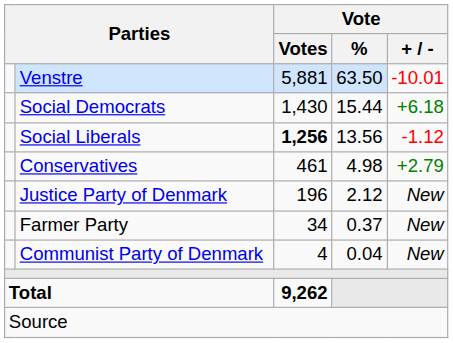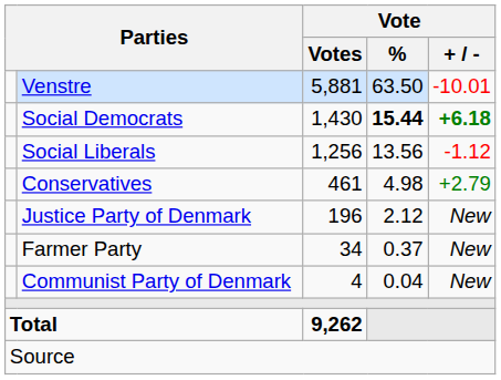 <table class="wikitable" style="text-align:right;">
 <tr>
 <th style="text-align:centre;" rowspan="2" colspan="2" width="225">Parties</th>
 <th colspan="3">Vote</th>
 </tr>
 <tr>
 <th width="15">Votes</th>
 <th width="15">%</th>
 <th width="15">+ / -</th>
 </tr>
 <tr>
 <td width="2" style="color:inherit;background:"></td>
 <td bgcolor=#cfe5fe  align="left"><a href='#'>Venstre</a></td>
 <td bgcolor=#cfe5fe>5,881</td>
 <td bgcolor=#cfe5fe>63.50</td>
 <td style=color:red;>-10.01</td>
 </tr>
 <tr>
 <td width="2" style="color:inherit;background:"></td>
 <td align="left"><a href='#'>Social Democrats</a></td>
 <td>1,430</td>
-<td>15.44</td>
-<td style=color:green;>+6.18</td>
+<td><strong>15.44</strong></td>
+<td style=color:green;><strong>+6.18</strong></td>
 </tr>
 <tr>
 <td width="2" style="color:inherit;background:"></td>
 <td align="left"><a href='#'>Social Liberals</a></td>
-<td><strong>1,256</strong></td>
+<td>1,256</td>
 <td>13.56</td>
 <td style=color:red;>-1.12</td>
 </tr>
 <tr>
 <td width="2" style="color:inherit;background:"></td>
 <td align="left"><a href='#'>Conservatives</a></td>
 <td>461</td>
 <td>4.98</td>
 <td style=color:green;>+2.79</td>
 </tr>
 <tr>
 <td width="2" style="color:inherit;background:"></td>
 <td align="left"><a href='#'>Justice Party of Denmark</a></td>
 <td>196</td>
 <td>2.12</td>
 <td><em>New</em></td>
 </tr>
 <tr>
 <td width="2" style="color:inherit;background:"></td>
 <td align="left">Farmer Party</td>
 <td>34</td>
 <td>0.37</td>
 <td><em>New</em></td>
 </tr>
 <tr>
 <td width="2" style="color:inherit;background:"></td>
 <td align="left"><a href='#'>Communist Party of Denmark</a></td>
 <td>4</td>
 <td>0.04</td>
 <td><em>New</em></td>
 </tr>
 <tr>
 <td colspan="7" bgcolor="#E9E9E9"></td>
 </tr>
 <tr>
 <td align="left" colspan="2"><strong>Total</strong></td>
 <td><strong>9,262</strong></td>
 <td bgcolor="#E9E9E9" colspan="2"></td>
 </tr>
 <tr>
 <td align="left" colspan="6">Source</td>
 </tr>
 </table>
